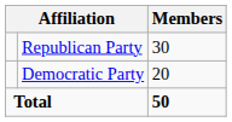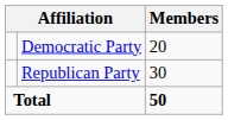 <table class="wikitable">
 <tr>
 <th colspan="2">Affiliation</th>
 <th>Members</th>
 </tr>
 <tr>
 <td style="background-color:"> </td>
-<td><a href='#'>Republican Party</a></td>
-<td>30</td>
+<td><a href='#'>Democratic Party</a></td>
+<td>20</td>
 </tr>
 <tr>
 <td style="background-color:"> </td>
-<td><a href='#'>Democratic Party</a></td>
-<td>20</td>
+<td><a href='#'>Republican Party</a></td>
+<td>30</td>
 </tr>
 <tr>
 <td colspan="2" rowspan="1"> <strong>Total</strong><br></td>
 <td><strong>50</strong></td>
 </tr>
 </table>
